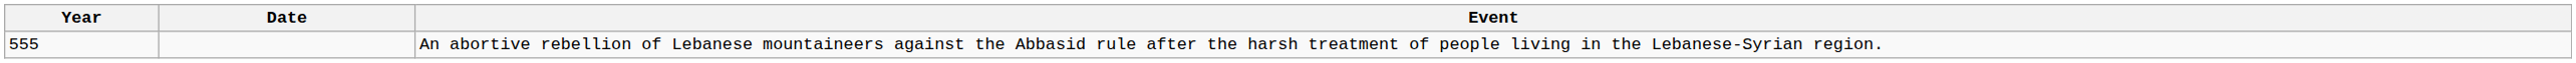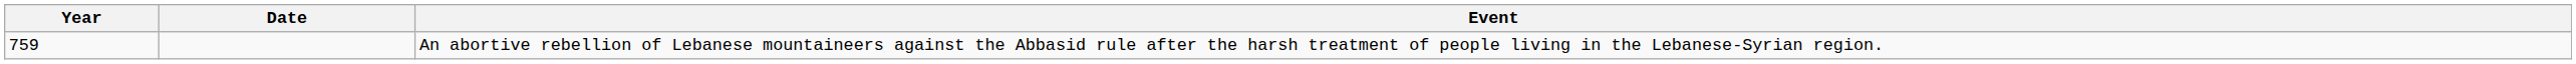 <table class="wikitable" width="100%">
 <tr>
 <th style="width:6%">Year</th>
 <th style="width:10%">Date</th>
 <th>Event</th>
 </tr>
 <tr>
-<td>555</td>
+<td>759</td>
 <td></td>
 <td>An abortive rebellion of Lebanese mountaineers against the Abbasid rule after the harsh treatment of people living in the Lebanese-Syrian region.</td>
 </tr>
 </table>
